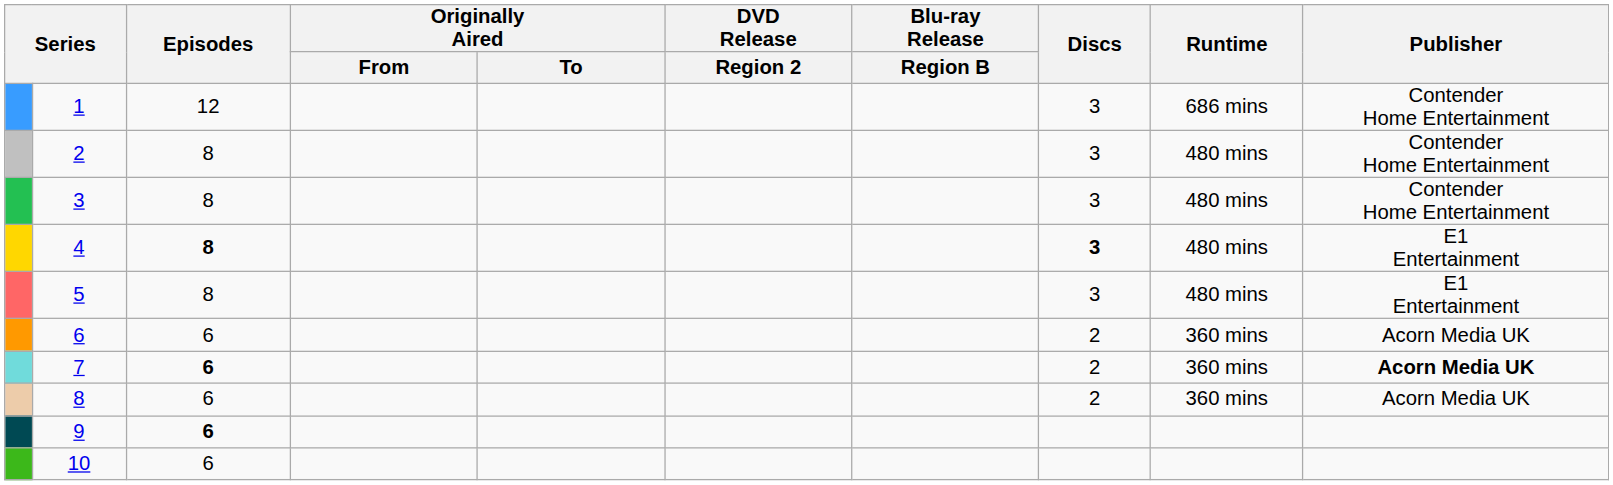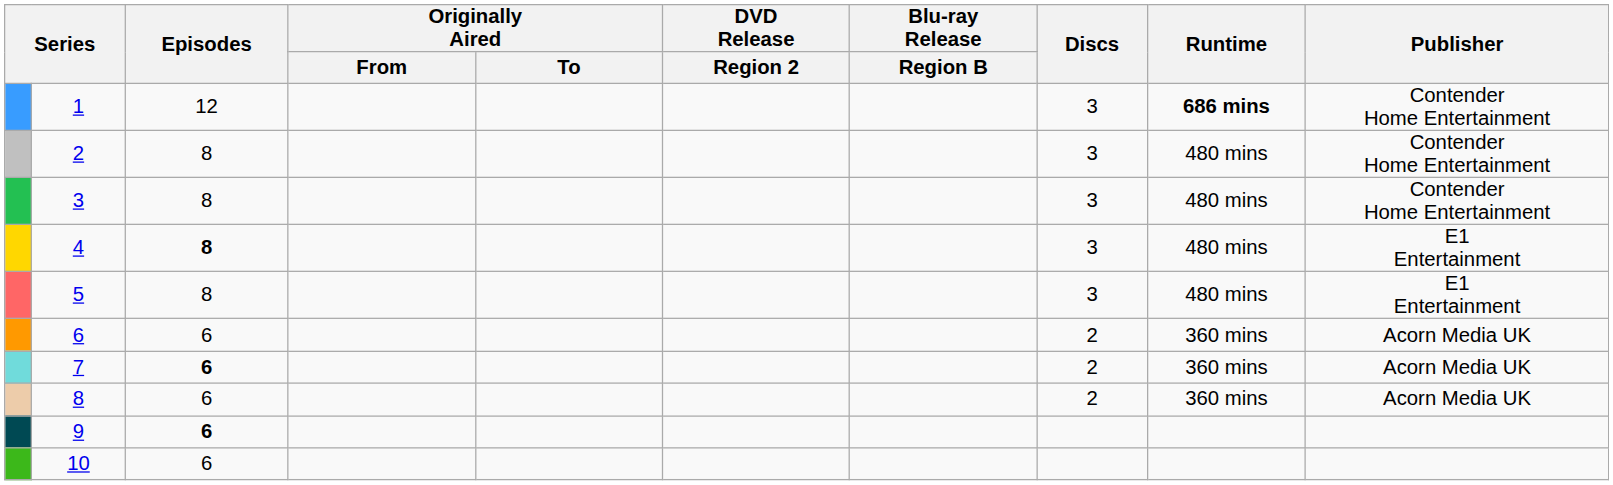 <table class="wikitable" style="text-align: center;" style="background: #FFFFFF;" width="100%">
 <tr>
 <th style="padding: 0px 8px" rowspan="2" colspan="2">Series</th>
 <th style="padding: 0px 8px" rowspan="2">Episodes</th>
 <th style="padding: 0px 8px" colspan="2">Originally<br>Aired</th>
 <th style="padding: 0px 8px">DVD<br>Release</th>
 <th style="padding: 0px 8px">Blu-ray<br>Release</th>
 <th style="padding: 0px 8px" rowspan="2">Discs</th>
 <th style="padding: 0px 8px" rowspan="2">Runtime</th>
 <th style="padding: 0px 8px" rowspan="2">Publisher</th>
 </tr>
 <tr>
 <th style="width: 140px">From</th>
 <th style="width: 140px">To</th>
 <th style="width: 140px">Region 2</th>
 <th style="width: 140px">Region B</th>
 </tr>
 <tr>
 <td bgcolor="#389CFF"></td>
 <td align="center"><a href='#'>1</a></td>
 <td align="center">12</td>
 <td style="padding: 0px 8px"></td>
 <td style="padding: 0px 8px"></td>
 <td style="padding: 0px 8px"></td>
 <td style="padding: 0px 8px"></td>
 <td style="padding: 0px 8px" align="center">3</td>
-<td style="padding: 0px 8px" align="center">686 mins</td>
+<td style="padding: 0px 8px" align="center"><strong>686 mins</strong></td>
 <td style="padding: 0px 8px" align="center">Contender<br>Home Entertainment</td>
 </tr>
 <tr>
 <td bgcolor="#C0C0C0"></td>
 <td align="center"><a href='#'>2</a></td>
 <td align="center">8</td>
 <td style="padding: 0px 8px"></td>
 <td style="padding: 0px 8px"></td>
 <td style="padding: 0px 8px"></td>
 <td style="padding: 0px 8px"></td>
 <td style="padding: 0px 8px" align="center">3</td>
 <td style="padding: 0px 8px" align="center">480 mins</td>
 <td style="padding: 0px 8px" align="center">Contender<br>Home Entertainment</td>
 </tr>
 <tr>
 <td bgcolor="#23C052"></td>
 <td align="center"><a href='#'>3</a></td>
 <td align="center">8</td>
 <td style="padding: 0px 8px"></td>
 <td style="padding: 0px 8px"></td>
 <td style="padding: 0px 8px"></td>
 <td style="padding: 0px 8px"></td>
 <td style="padding: 0px 8px" align="center">3</td>
 <td style="padding: 0px 8px" align="center">480 mins</td>
 <td style="padding: 0px 8px" align="center">Contender<br>Home Entertainment</td>
 </tr>
 <tr>
 <td bgcolor="#FFD700"></td>
 <td align="center"><a href='#'>4</a></td>
 <td align="center"><strong>8</strong></td>
 <td style="padding: 0px 8px"></td>
 <td style="padding: 0px 8px"></td>
 <td style="padding: 0px 8px"></td>
 <td style="padding: 0px 8px"></td>
-<td style="padding: 0px 8px" align="center"><strong>3</strong></td>
+<td style="padding: 0px 8px" align="center">3</td>
 <td style="padding: 0px 8px" align="center">480 mins</td>
 <td style="padding: 0px 8px" align="center">E1<br>Entertainment</td>
 </tr>
 <tr>
 <td bgcolor="#FF6666"></td>
 <td align="center"><a href='#'>5</a></td>
 <td align="center">8</td>
 <td style="padding: 0px 8px"></td>
 <td style="padding: 0px 8px"></td>
 <td style="padding: 0px 8px"></td>
 <td style="padding: 0px 8px"></td>
 <td style="padding: 0px 8px" align="center">3</td>
 <td style="padding: 0px 8px" align="center">480 mins</td>
 <td style="padding: 0px 8px" align="center">E1<br>Entertainment</td>
 </tr>
 <tr>
 <td bgcolor="#FF9900"></td>
 <td align="center"><a href='#'>6</a></td>
 <td align="center">6</td>
 <td style="padding: 0px 8px"></td>
 <td style="padding: 0px 8px"></td>
 <td style="padding: 0px 8px"></td>
 <td style="padding: 0px 8px"></td>
 <td style="padding: 0px 8px" align="center">2</td>
 <td style="padding: 0px 8px" align="center">360 mins</td>
 <td style="padding: 0px 8px" align="center">Acorn Media UK</td>
 </tr>
 <tr>
 <td bgcolor="#70DBDB"></td>
 <td align="center"><a href='#'>7</a></td>
 <td align="center"><strong>6</strong></td>
 <td style="padding: 0px 8px"></td>
 <td style="padding: 0px 8px"></td>
 <td style="padding: 0px 8px"></td>
 <td style="padding: 0px 8px"></td>
 <td style="padding: 0px 8px" align="center">2</td>
 <td style="padding: 0px 8px" align="center">360 mins</td>
-<td style="padding: 0px 8px" align="center"><strong>Acorn Media UK</strong></td>
+<td style="padding: 0px 8px" align="center">Acorn Media UK</td>
 </tr>
 <tr>
 <td bgcolor="#EDCCAA"></td>
 <td align="center"><a href='#'>8</a></td>
 <td align="center">6</td>
 <td style="padding: 0px 8px"></td>
 <td style="padding: 0px 8px"></td>
 <td style="padding: 0px 8px"></td>
 <td style="padding: 0px 8px"></td>
 <td style="padding: 0px 8px" align="center">2</td>
 <td style="padding: 0px 8px" align="center">360 mins</td>
 <td style="padding: 0px 8px" align="center">Acorn Media UK</td>
 </tr>
 <tr>
 <td bgcolor="#004953"></td>
 <td align="center"><a href='#'>9</a></td>
 <td align="center"><strong>6</strong></td>
 <td style="padding: 0px 8px"></td>
 <td style="padding: 0px 8px"></td>
 <td style="padding: 0px 8px"></td>
 <td style="padding: 0px 8px"></td>
 <td style="padding: 0px 8px" align="center"></td>
 <td style="padding: 0px 8px" align="center"></td>
 <td style="padding: 0px 8px" align="center"></td>
 </tr>
 <tr>
 <td bgcolor="#3CB81A"></td>
 <td align="center"><a href='#'>10</a></td>
 <td align="center">6</td>
 <td style="padding: 0px 8px"></td>
 <td style="padding: 0px 8px"></td>
 <td style="padding: 0px 8px"></td>
 <td style="padding: 0px 8px"></td>
 <td style="padding: 0px 8px" align="center"></td>
 <td style="padding: 0px 8px" align="center"></td>
 <td style="padding: 0px 8px" align="center"></td>
 </tr>
 </table>
